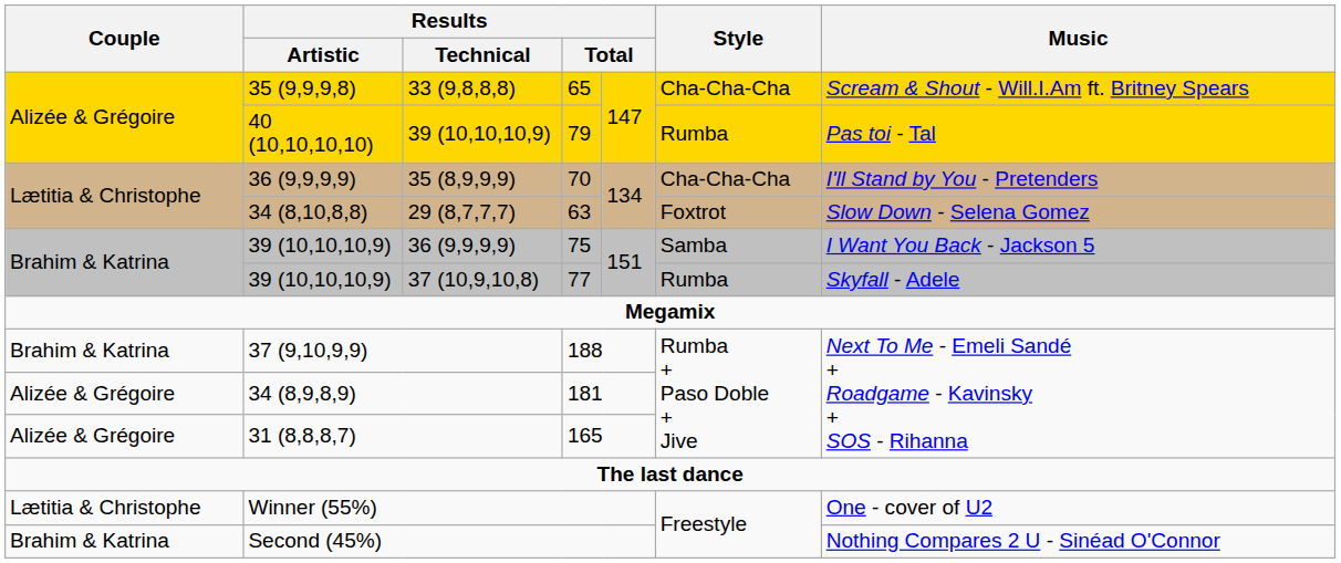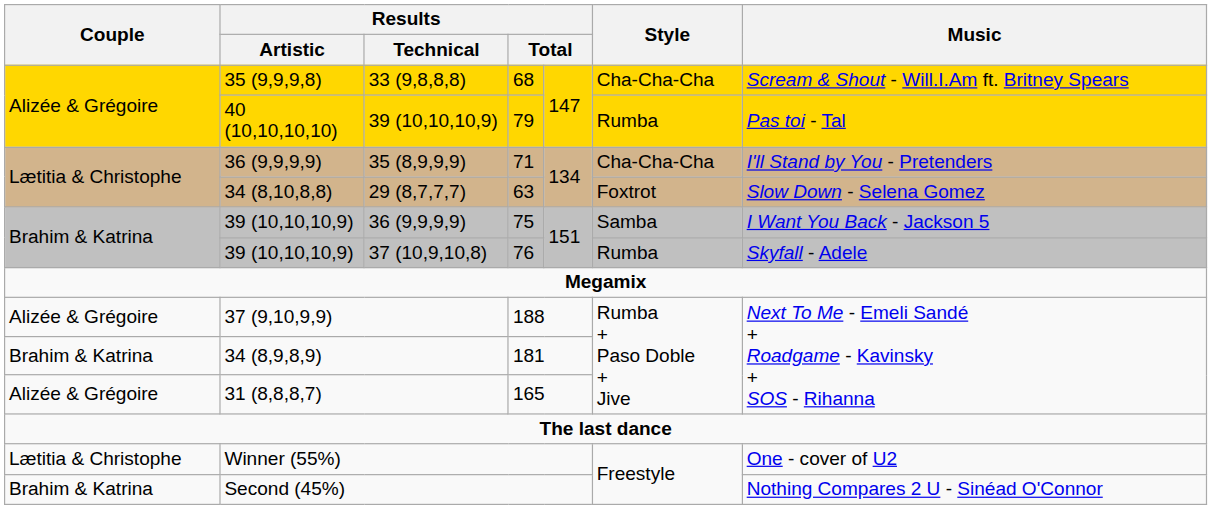 <table class="wikitable" style="width:80%;">
 <tr>
 <th rowspan="2">Couple</th>
 <th colspan="4">Results</th>
 <th rowspan="2">Style</th>
 <th rowspan="2" colspan="2">Music</th>
 </tr>
 <tr>
 <th style="width:12%;">Artistic</th>
 <th style="width:12%;">Technical</th>
 <th colspan="2">Total</th>
 </tr>
 <tr>
 <td bgcolor="Gold" rowspan="2">Alizée & Grégoire</td>
 <td bgcolor="Gold">35 (9,9,9,8)</td>
 <td bgcolor="Gold">33 (9,8,8,8)</td>
-<td bgcolor="Gold">65</td>
+<td bgcolor="Gold">68</td>
 <td bgcolor="Gold" rowspan="2">147</td>
 <td bgcolor="Gold">Cha-Cha-Cha</td>
 <td bgcolor="Gold" colspan="2"><em><a href='#'>Scream & Shout</a></em> - <a href='#'>Will.I.Am</a> ft. <a href='#'>Britney Spears</a></td>
 </tr>
 <tr>
 <td bgcolor="Gold">40 (10,10,10,10)</td>
 <td bgcolor="Gold">39 (10,10,10,9)</td>
 <td bgcolor="Gold">79</td>
 <td bgcolor="Gold">Rumba</td>
 <td bgcolor="Gold" colspan="2"><em><a href='#'>Pas toi</a></em> - <a href='#'>Tal</a></td>
 </tr>
 <tr>
 <td bgcolor="Tan" rowspan="2">Lætitia & Christophe</td>
 <td bgcolor="Tan">36 (9,9,9,9)</td>
 <td bgcolor="Tan">35 (8,9,9,9)</td>
-<td bgcolor="Tan">70</td>
+<td bgcolor="Tan">71</td>
 <td bgcolor="Tan" rowspan="2">134</td>
 <td bgcolor="Tan">Cha-Cha-Cha</td>
 <td bgcolor="Tan" colspan="2"><em><a href='#'>I'll Stand by You</a></em> - <a href='#'>Pretenders</a></td>
 </tr>
 <tr>
 <td bgcolor="Tan">34 (8,10,8,8)</td>
 <td bgcolor="Tan">29 (8,7,7,7)</td>
 <td bgcolor="Tan">63</td>
 <td bgcolor="Tan">Foxtrot</td>
 <td bgcolor="Tan" colspan="2"><em><a href='#'>Slow Down</a></em> - <a href='#'>Selena Gomez</a></td>
 </tr>
 <tr>
 <td bgcolor="Silver" rowspan="2">Brahim & Katrina</td>
 <td bgcolor="Silver">39 (10,10,10,9)</td>
 <td bgcolor="Silver">36 (9,9,9,9)</td>
 <td bgcolor="Silver">75</td>
 <td bgcolor="Silver" rowspan="2">151</td>
 <td bgcolor="Silver">Samba</td>
 <td bgcolor="Silver" colspan="2"><em><a href='#'>I Want You Back</a></em> - <a href='#'>Jackson 5</a></td>
 </tr>
 <tr>
 <td bgcolor="Silver">39 (10,10,10,9)</td>
 <td bgcolor="Silver">37 (10,9,10,8)</td>
-<td bgcolor="Silver">77</td>
+<td bgcolor="Silver">76</td>
 <td bgcolor="Silver">Rumba</td>
 <td bgcolor="Silver" colspan="2"><em><a href='#'>Skyfall</a></em> - <a href='#'>Adele</a></td>
 </tr>
 <tr>
 <td colspan=7  style="text-align:center;"><strong>Megamix</strong></td>
 </tr>
 <tr>
-<td>Brahim & Katrina</td>
+<td>Alizée & Grégoire</td>
 <td colspan="2'">37 (9,10,9,9)</td>
 <td colspan="2">188</td>
 <td rowspan=3>Rumba<br>+<br>Paso Doble<br>+<br>Jive</td>
 <td rowspan=3><em><a href='#'>Next To Me</a></em> -  <a href='#'>Emeli Sandé</a><br>+<br><em><a href='#'>Roadgame</a></em> -  <a href='#'>Kavinsky</a><br>+<br><em><a href='#'>SOS</a></em> -  <a href='#'>Rihanna</a></td>
 </tr>
 <tr>
-<td>Alizée & Grégoire</td>
+<td>Brahim & Katrina</td>
 <td colspan="2">34 (8,9,8,9)</td>
 <td colspan="2">181</td>
 </tr>
 <tr>
 <td>Alizée & Grégoire</td>
 <td colspan="2">31 (8,8,8,7)</td>
 <td colspan="2">165</td>
 </tr>
 <tr>
 <td colspan=7  style="text-align:center;"><strong>The last dance</strong></td>
 </tr>
 <tr>
 <td>Lætitia & Christophe</td>
 <td colspan=4>Winner (55%)</td>
 <td rowspan=2>Freestyle</td>
 <td colspan="2"><a href='#'>One</a> - cover of <a href='#'>U2</a></td>
 </tr>
 <tr>
 <td>Brahim & Katrina</td>
 <td colspan=4>Second (45%)</td>
 <td colspan="2"><a href='#'>Nothing Compares 2 U</a> - <a href='#'>Sinéad O'Connor</a></td>
 </tr>
 </table>
